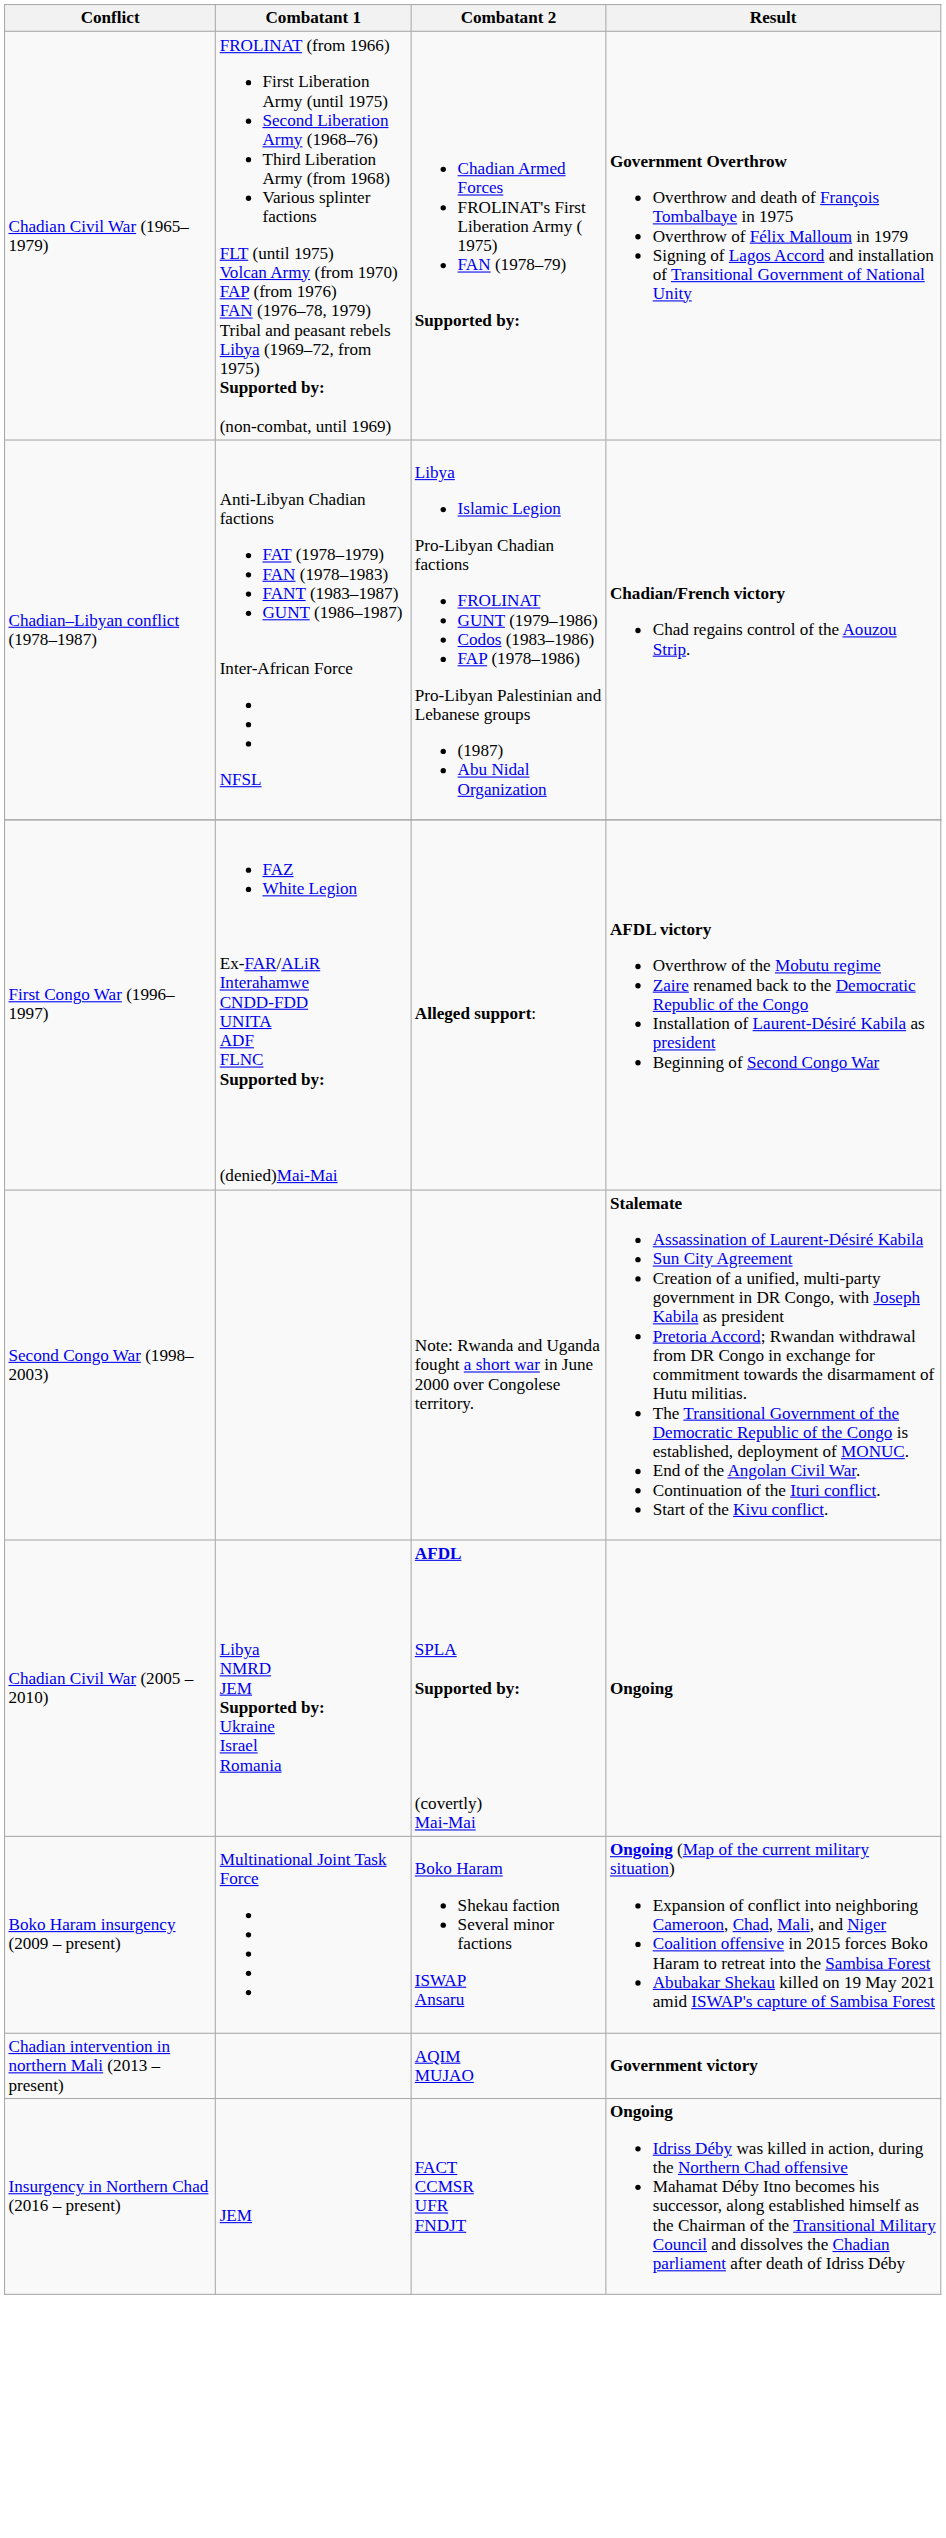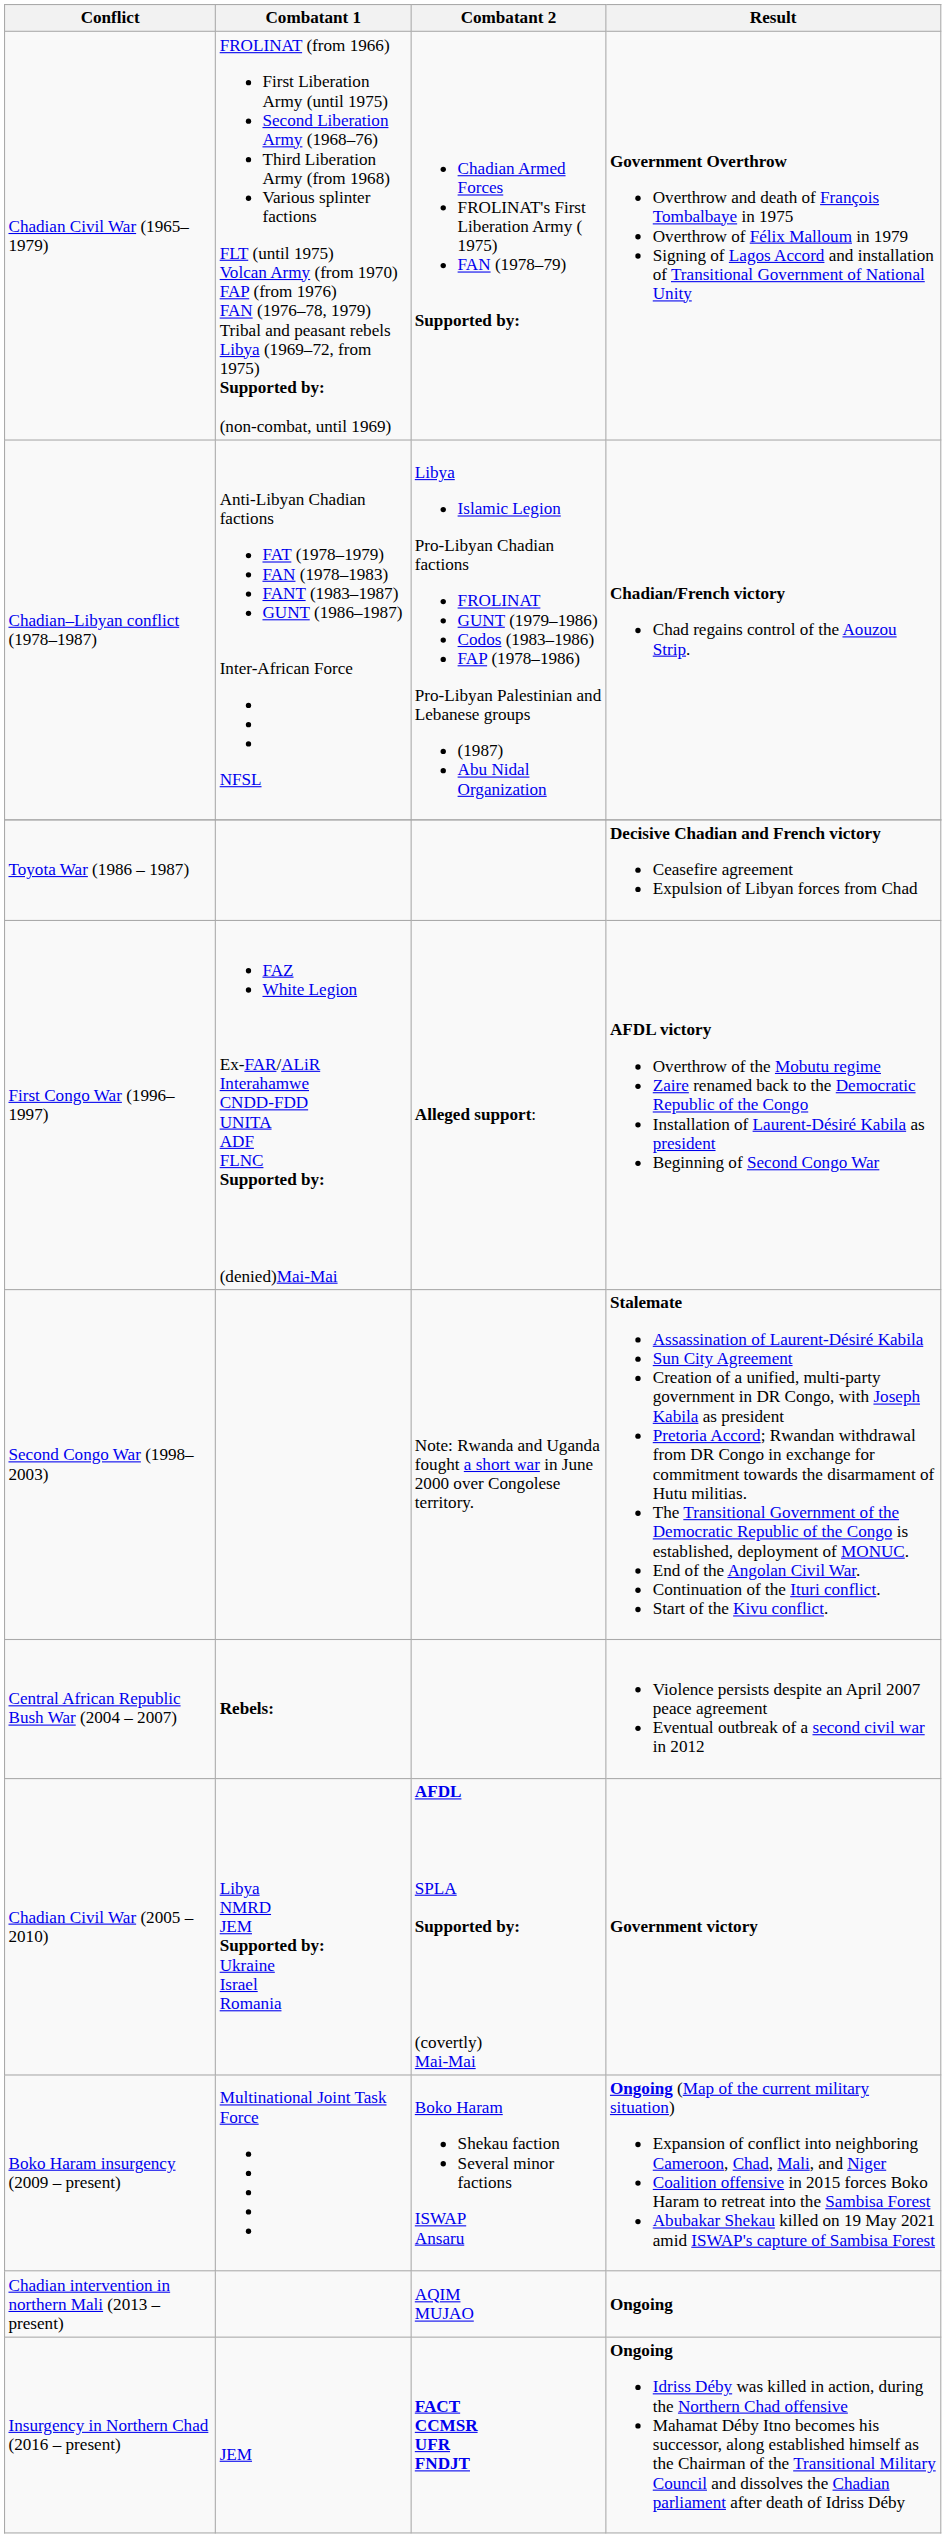 <table class="wikitable">
 <tr>
 <th width="190">Conflict</th>
 <th width="175">Combatant 1</th>
 <th width="175">Combatant 2</th>
 <th width="305">Result</th>
 </tr>
 <tr>
 <td><a href='#'>Chadian Civil War</a> (1965–1979)</td>
 <td> <a href='#'>FROLINAT</a> (from 1966)<br><ul><li>First Liberation Army (until 1975)</li><li><a href='#'>Second Liberation Army</a> (1968–76)</li><li>Third Liberation Army (from 1968)</li><li>Various splinter factions</li></ul> <a href='#'>FLT</a> (until 1975)<br> <a href='#'>Volcan Army</a> (from 1970)<br> <a href='#'>FAP</a> (from 1976)<br> <a href='#'>FAN</a> (1976–78, 1979)<br>Tribal and peasant rebels<br> <a href='#'>Libya</a> (1969–72, from 1975)<br><strong>Supported by:</strong><br><br> (non-combat, until 1969)</td>
 <td><br><ul><li><a href='#'>Chadian Armed Forces</a></li><li>FROLINAT's First Liberation Army ( 1975)</li><li><a href='#'>FAN</a> (1978–79)</li></ul><br><strong>Supported by:</strong><br><br></td>
 <td><strong>Government Overthrow</strong><br><ul><li>Overthrow and death of <a href='#'>François Tombalbaye</a> in 1975</li><li>Overthrow of <a href='#'>Félix Malloum</a> in 1979</li><li>Signing of <a href='#'>Lagos Accord</a> and installation of <a href='#'>Transitional Government of National Unity</a></li></ul></td>
 </tr>
 <tr>
 <td><a href='#'>Chadian–Libyan conflict</a> (1978–1987)</td>
 <td><br> Anti-Libyan Chadian factions<ul><li><a href='#'>FAT</a> (1978–1979)</li><li><a href='#'>FAN</a> (1978–1983)</li><li><a href='#'>FANT</a> (1983–1987)</li><li><a href='#'>GUNT</a> (1986–1987)</li></ul><br>Inter-African Force<ul><li></li><li></li><li></li></ul> <a href='#'>NFSL</a> </td>
 <td><br> <a href='#'>Libya</a><ul><li><a href='#'>Islamic Legion</a></li></ul> Pro-Libyan Chadian factions<ul><li> <a href='#'>FROLINAT</a></li><li><a href='#'>GUNT</a> (1979–1986)</li><li><a href='#'>Codos</a> (1983–1986)</li><li><a href='#'>FAP</a> (1978–1986)</li></ul>Pro-Libyan Palestinian and Lebanese groups<ul><li> (1987)</li><li><a href='#'>Abu Nidal Organization</a></li></ul></td>
 <td><strong>Chadian/French victory</strong><br><ul><li>Chad regains control of the <a href='#'>Aouzou Strip</a>.</li></ul></td>
 </tr>
 <tr>
 </tr>
 <tr>
+<td><a href='#'>Toyota War</a> (1986 – 1987)</td>
+<td></td>
+<td></td>
+<td><strong>Decisive Chadian and French victory</strong><br><ul><li>Ceasefire agreement</li><li>Expulsion of Libyan forces from Chad</li></ul></td>
+</tr>
+<tr>
 <td><a href='#'>First Congo War</a> (1996–1997)</td>
 <td><strong></strong><br><ul><li><a href='#'>FAZ</a></li><li><a href='#'>White Legion</a></li></ul><br><br> Ex-<a href='#'>FAR</a>/<a href='#'>ALiR</a><br> <a href='#'>Interahamwe</a><br> <a href='#'>CNDD-FDD</a><br> <a href='#'>UNITA</a><br> <a href='#'>ADF</a><br> <a href='#'>FLNC</a><br><strong>Supported by:</strong><br><br><br><br><br> (denied)<a href='#'>Mai-Mai</a></td>
 <td><br><strong>Alleged support</strong>:<br> </td>
 <td><strong>AFDL victory</strong><br><ul><li>Overthrow of the <a href='#'>Mobutu regime</a></li><li><a href='#'>Zaire</a> renamed back to the <a href='#'>Democratic Republic of the Congo</a></li><li>Installation of <a href='#'>Laurent-Désiré Kabila</a> as <a href='#'>president</a></li><li>Beginning of <a href='#'>Second Congo War</a></li></ul></td>
 </tr>
 <tr>
 <td><a href='#'>Second Congo War</a> (1998–2003)</td>
 <td></td>
 <td><br>Note: Rwanda and Uganda fought <a href='#'>a short war</a> in June 2000 over Congolese territory.</td>
 <td><strong>Stalemate</strong><br><ul><li><a href='#'>Assassination of Laurent-Désiré Kabila</a></li><li><a href='#'>Sun City Agreement</a></li><li>Creation of a unified, multi-party government in DR Congo, with <a href='#'>Joseph Kabila</a> as president</li><li><a href='#'>Pretoria Accord</a>; Rwandan withdrawal from DR Congo in exchange for commitment towards the disarmament of Hutu militias.</li><li>The <a href='#'>Transitional Government of the Democratic Republic of the Congo</a> is established, deployment of <a href='#'>MONUC</a>.</li><li>End of the <a href='#'>Angolan Civil War</a>.</li><li>Continuation of the <a href='#'>Ituri conflict</a>.</li><li>Start of the <a href='#'>Kivu conflict</a>.</li></ul></td>
 </tr>
 <tr>
+<td><a href='#'>Central African Republic Bush War</a> (2004 – 2007)</td>
+<td><strong>Rebels:</strong><br> </td>
+<td><br></td>
+<td><br><ul><li>Violence persists despite an April 2007 peace agreement</li><li>Eventual outbreak of a <a href='#'>second civil war</a> in 2012</li></ul></td>
+</tr>
+<tr>
 <td><a href='#'>Chadian Civil War</a> (2005 – 2010)</td>
 <td><br><br> <a href='#'>Libya</a><br> <a href='#'>NMRD</a><br> <a href='#'>JEM</a><br><strong>Supported by:</strong><br> <a href='#'>Ukraine</a><br> <a href='#'>Israel</a><br> <a href='#'>Romania</a></td>
 <td> <strong><a href='#'>AFDL</a></strong><br><br><br><br><br> <a href='#'>SPLA</a><br><br><strong>Supported by:</strong><br><br><br><br><br><br> (covertly)<br><a href='#'>Mai-Mai</a></td>
-<td><strong>Ongoing</strong></td>
+<td><strong>Government victory</strong></td>
 </tr>
 <tr>
 <td><a href='#'>Boko Haram insurgency</a> (2009 – present)</td>
 <td><a href='#'>Multinational Joint Task Force</a><br><ul><li></li><li></li><li></li><li></li><li></li></ul></td>
 <td> <a href='#'>Boko Haram</a> <br><ul><li>Shekau faction</li><li>Several minor factions</li></ul> <a href='#'>ISWAP</a> <br> <a href='#'>Ansaru</a></td>
 <td><strong><a href='#'>Ongoing</a></strong> (<a href='#'>Map of the current military situation</a>)<br><ul><li>Expansion of conflict into neighboring <a href='#'>Cameroon</a>, <a href='#'>Chad</a>, <a href='#'>Mali</a>, and <a href='#'>Niger</a></li><li><a href='#'>Coalition offensive</a> in 2015 forces Boko Haram to retreat into the <a href='#'>Sambisa Forest</a></li><li><a href='#'>Abubakar Shekau</a> killed on 19 May 2021 amid <a href='#'>ISWAP's capture of Sambisa Forest</a></li></ul></td>
 </tr>
 <tr>
 <td><a href='#'>Chadian intervention in northern Mali</a> (2013 – present)</td>
 <td><br><br></td>
 <td> <a href='#'>AQIM</a><br> <a href='#'>MUJAO</a></td>
-<td><strong>Government victory</strong></td>
+<td><strong>Ongoing</strong></td>
 </tr>
 <tr>
 <td><a href='#'>Insurgency in Northern Chad</a> (2016 – present)</td>
 <td><br><br> <a href='#'>JEM</a></td>
-<td><a href='#'>FACT</a><br><a href='#'>CCMSR</a><br><a href='#'>UFR</a><br><a href='#'>FNDJT</a></td>
+<td><strong><a href='#'>FACT</a><br><a href='#'>CCMSR</a><br><a href='#'>UFR</a><br><a href='#'>FNDJT</a></strong></td>
 <td><strong>Ongoing</strong><br><ul><li><a href='#'>Idriss Déby</a> was killed in action, during the <a href='#'>Northern Chad offensive</a></li><li>Mahamat Déby Itno becomes his successor, along established himself as the Chairman of the <a href='#'>Transitional Military Council</a> and dissolves the <a href='#'>Chadian parliament</a> after death of Idriss Déby</li></ul></td>
 </tr>
 </table>
